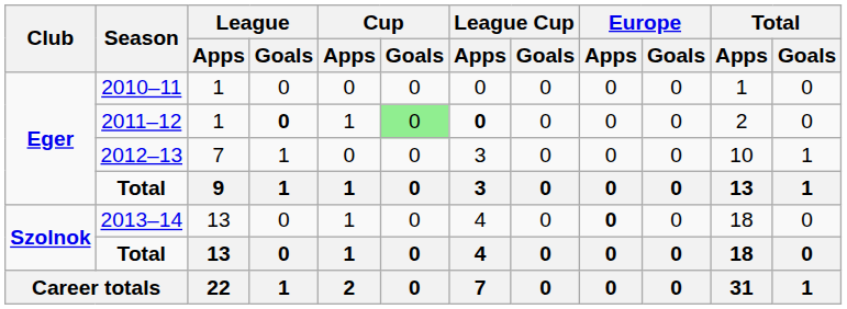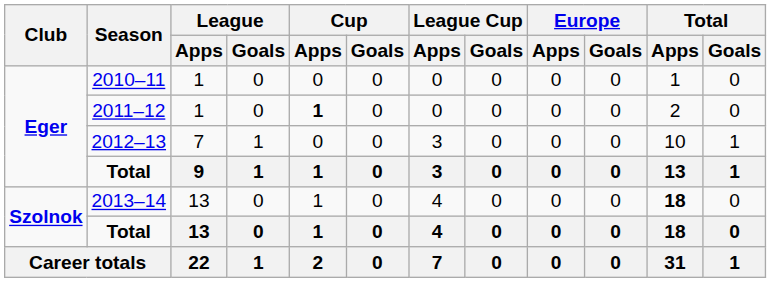 <table class="wikitable" style="font-size:90%; text-align: center;">
 <tr>
 <th rowspan="2">Club</th>
 <th rowspan="2">Season</th>
 <th colspan="2">League</th>
 <th colspan="2">Cup</th>
 <th colspan="2">League Cup</th>
 <th colspan="2"><a href='#'>Europe</a></th>
 <th colspan="2">Total</th>
 </tr>
 <tr>
 <th>Apps</th>
 <th>Goals</th>
 <th>Apps</th>
 <th>Goals</th>
 <th>Apps</th>
 <th>Goals</th>
 <th>Apps</th>
 <th>Goals</th>
 <th>Apps</th>
 <th>Goals</th>
 </tr>
 <tr>
 <td rowspan="4" align=center valign=center><strong><a href='#'>Eger</a></strong></td>
 <td !colspan="2"><a href='#'>2010–11</a></td>
 <td>1</td>
 <td>0</td>
 <td>0</td>
 <td>0</td>
 <td>0</td>
 <td>0</td>
 <td>0</td>
 <td>0</td>
 <td>1</td>
 <td>0</td>
 </tr>
 <tr>
 <td !colspan="2"><a href='#'>2011–12</a></td>
 <td>1</td>
-<td><strong>0</strong></td>
-<td>1</td>
-<td style="background: lightgreen;">0</td>
-<td><strong>0</strong></td>
+<td>0</td>
+<td><strong>1</strong></td>
+<td>0</td>
+<td>0</td>
 <td>0</td>
 <td>0</td>
 <td>0</td>
 <td>2</td>
 <td>0</td>
 </tr>
 <tr>
 <td !colspan="2"><a href='#'>2012–13</a></td>
 <td>7</td>
 <td>1</td>
 <td>0</td>
 <td>0</td>
 <td>3</td>
 <td>0</td>
 <td>0</td>
 <td>0</td>
 <td>10</td>
 <td>1</td>
 </tr>
 <tr>
 <td !colspan="2"><strong>Total</strong></td>
 <th>9</th>
 <th>1</th>
 <th>1</th>
 <th>0</th>
 <th>3</th>
 <th>0</th>
 <th>0</th>
 <th>0</th>
 <th>13</th>
 <th>1</th>
 </tr>
 <tr>
 <td rowspan="2" align=center valign=center><strong><a href='#'>Szolnok</a></strong></td>
 <td !colspan="2"><a href='#'>2013–14</a></td>
 <td>13</td>
 <td>0</td>
 <td>1</td>
 <td>0</td>
 <td>4</td>
 <td>0</td>
-<td><strong>0</strong></td>
 <td>0</td>
-<td>18</td>
+<td>0</td>
+<td><strong>18</strong></td>
 <td>0</td>
 </tr>
 <tr>
 <td !colspan="2"><strong>Total</strong></td>
 <th>13</th>
 <th>0</th>
 <th>1</th>
 <th>0</th>
 <th>4</th>
 <th>0</th>
 <th>0</th>
 <th>0</th>
 <th>18</th>
 <th>0</th>
 </tr>
 <tr>
 <th colspan="2">Career totals</th>
 <th>22</th>
 <th>1</th>
 <th>2</th>
 <th>0</th>
 <th>7</th>
 <th>0</th>
 <th>0</th>
 <th>0</th>
 <th>31</th>
 <th>1</th>
 </tr>
 </table>
